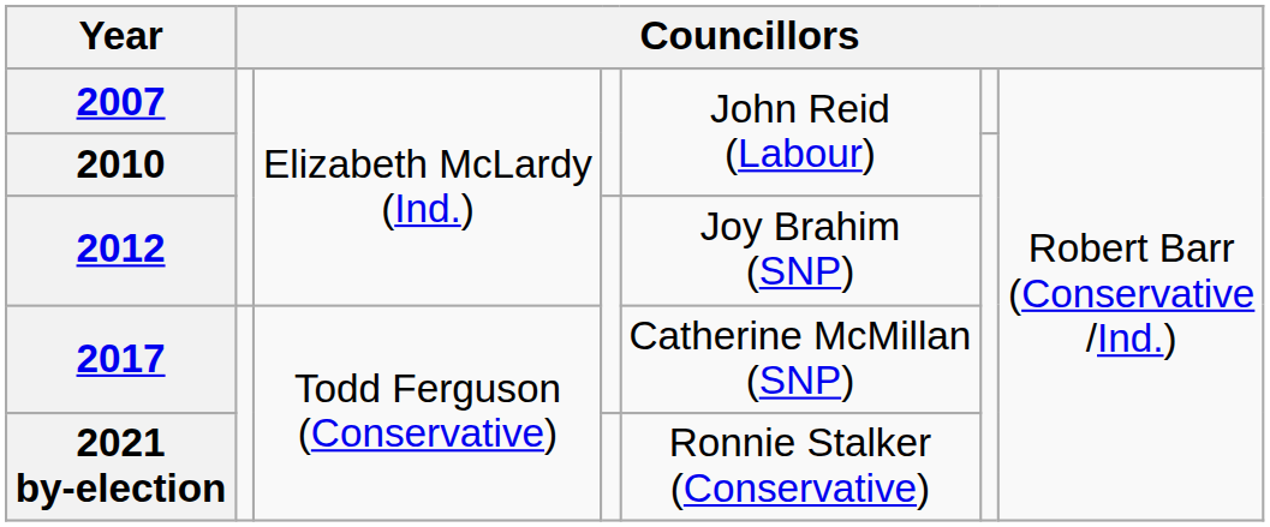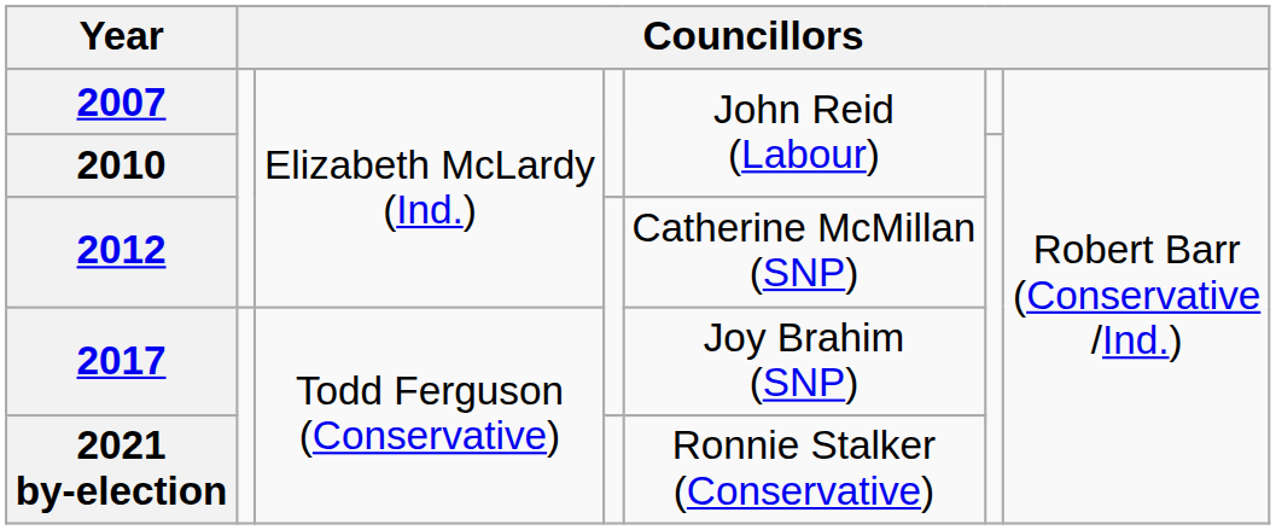 <table class="wikitable" style="text-align:center">
 <tr>
 <th>Year</th>
 <th colspan=6>Councillors</th>
 </tr>
 <tr>
 <th><a href='#'>2007</a></th>
 <td rowspan=3; style="background-color: "></td>
 <td rowspan=3>Elizabeth McLardy<br>(<a href='#'>Ind.</a>)</td>
 <td rowspan=2; style="background-color: "></td>
 <td rowspan=2>John Reid<br>(<a href='#'>Labour</a>)</td>
 <td rowspan=1; style="background-color: "></td>
 <td rowspan=5>Robert Barr<br>(<a href='#'>Conservative</a><br>/<a href='#'>Ind.</a>)</td>
 </tr>
 <tr>
 <th>2010</th>
 <td rowspan=4; style="background-color: "></td>
 </tr>
 <tr>
 <th><a href='#'>2012</a></th>
 <td rowspan=2; style="background-color: "></td>
-<td rowspan=1>Joy Brahim<br>(<a href='#'>SNP</a>)</td>
+<td rowspan=1>Catherine McMillan<br>(<a href='#'>SNP</a>)</td>
 </tr>
 <tr>
 <th><a href='#'>2017</a></th>
 <td rowspan=2; style="background-color: "></td>
 <td rowspan=2>Todd Ferguson<br>(<a href='#'>Conservative</a>)</td>
-<td rowspan=1>Catherine McMillan<br>(<a href='#'>SNP</a>)</td>
+<td rowspan=1>Joy Brahim<br>(<a href='#'>SNP</a>)</td>
 </tr>
 <tr>
 <th>2021<br>by-election</th>
 <td rowspan=1; style="background-color: "></td>
 <td rowspan=1>Ronnie Stalker<br>(<a href='#'>Conservative</a>)</td>
 </tr>
 </table>
